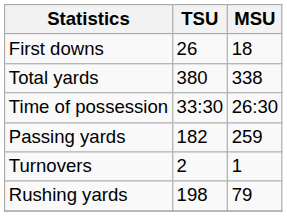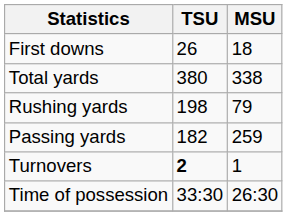 <table class="wikitable">
 <tr>
 <th>Statistics</th>
 <th>TSU</th>
 <th>MSU</th>
 </tr>
 <tr>
 <td>First downs</td>
 <td>26</td>
 <td>18</td>
 </tr>
 <tr>
 <td>Total yards</td>
 <td>380</td>
 <td>338</td>
 </tr>
 <tr>
-<td>Time of possession</td>
-<td>33:30</td>
-<td>26:30</td>
+<td>Rushing yards</td>
+<td>198</td>
+<td>79</td>
 </tr>
 <tr>
 <td>Passing yards</td>
 <td>182</td>
 <td>259</td>
 </tr>
 <tr>
 <td>Turnovers</td>
-<td>2</td>
+<td><strong>2</strong></td>
 <td>1</td>
 </tr>
 <tr>
-<td>Rushing yards</td>
-<td>198</td>
-<td>79</td>
+<td>Time of possession</td>
+<td>33:30</td>
+<td>26:30</td>
 </tr>
 <tr>
 </tr>
 </table>
